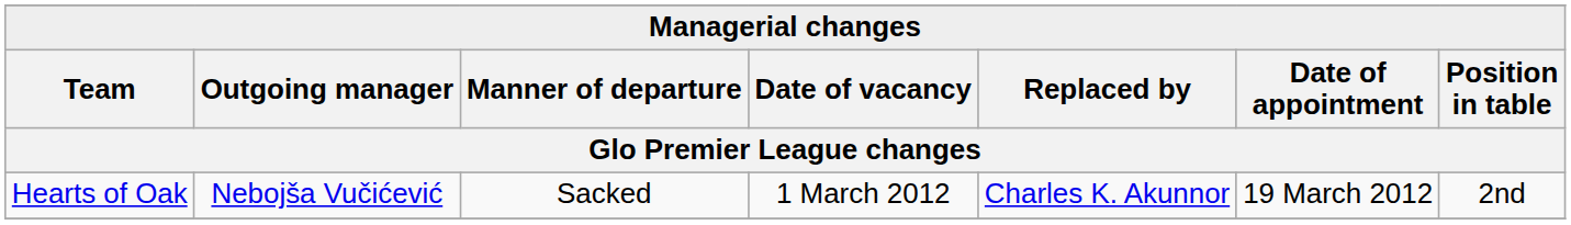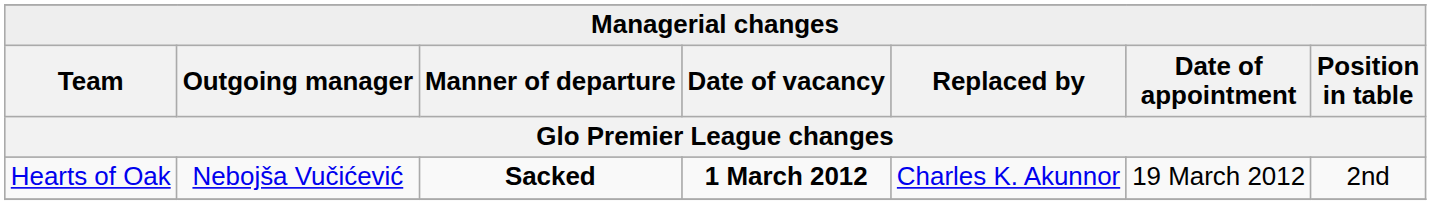 <table class="wikitable">
 <tr>
 </tr>
 <tr bgcolor=#EEEEEE>
 <td align=center colspan=7><strong>Managerial changes</strong></td>
 </tr>
 <tr>
 <th>Team</th>
 <th>Outgoing manager</th>
 <th>Manner of departure</th>
 <th>Date of vacancy</th>
 <th>Replaced by</th>
 <th>Date of<br>appointment</th>
 <th>Position<br> in table</th>
 </tr>
 <tr>
 <th colspan=7>Glo Premier League changes</th>
 </tr>
 <tr>
 <td align=center><a href='#'>Hearts of Oak</a></td>
 <td align=center> <a href='#'>Nebojša Vučićević</a></td>
-<td align=center>Sacked</td>
-<td align=center>1 March 2012</td>
+<td align=center><strong>Sacked</strong></td>
+<td align=center><strong>1 March 2012</strong></td>
 <td align=center> <a href='#'>Charles K. Akunnor</a></td>
 <td align=center>19 March 2012</td>
 <td align=center>2nd</td>
 </tr>
 <tr>
 </tr>
 </table>
